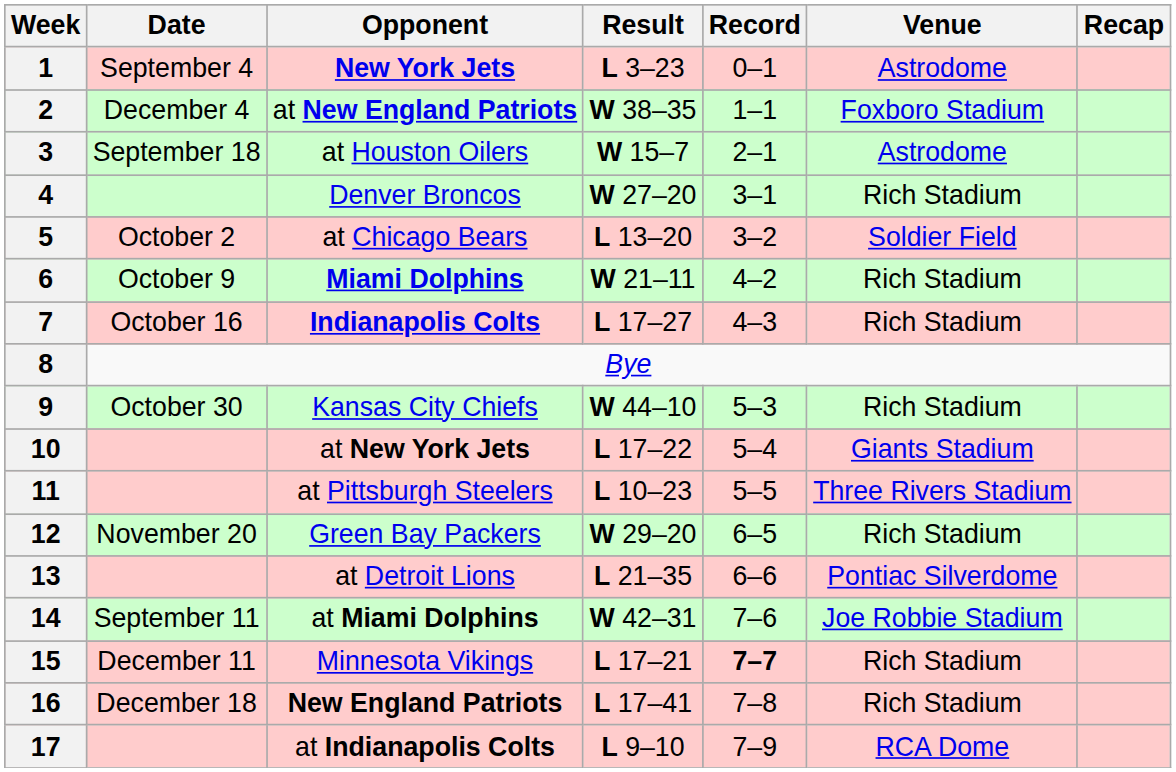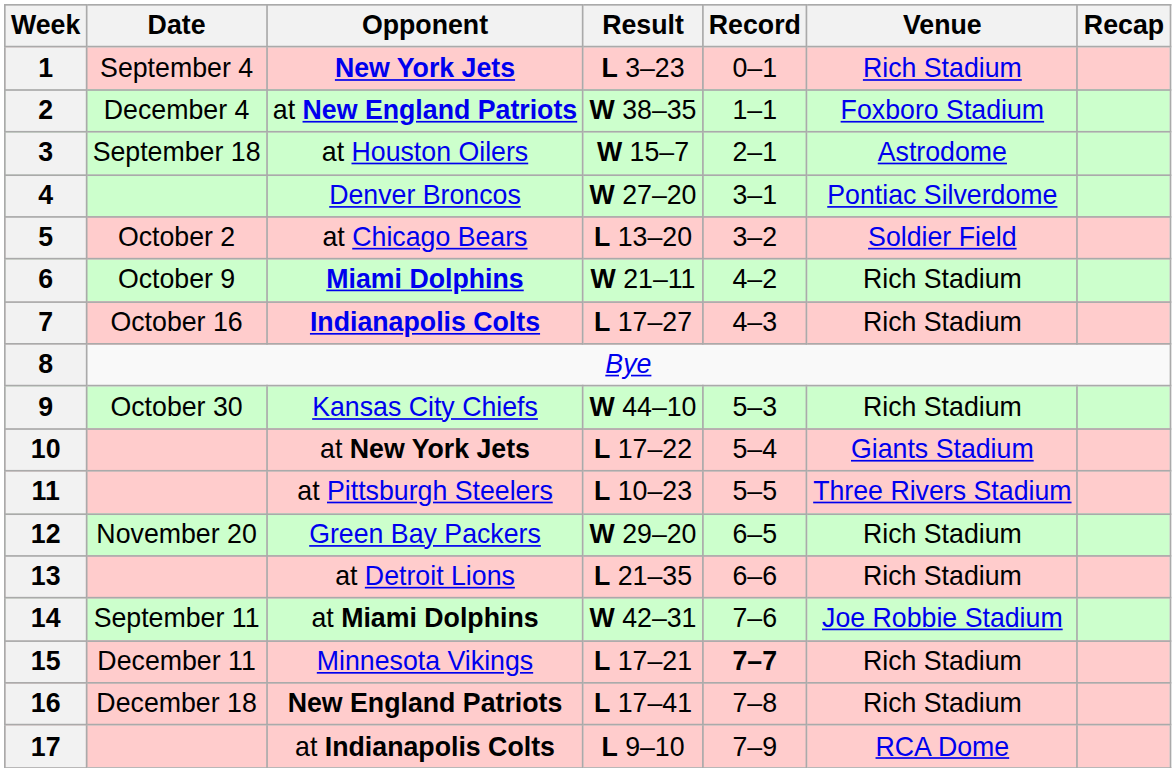 <table class="wikitable" style="text-align:center">
 <tr>
 <th>Week</th>
 <th>Date</th>
 <th>Opponent</th>
 <th>Result</th>
 <th>Record</th>
 <th>Venue</th>
 <th>Recap</th>
 </tr>
 <tr style="background: #fcc;">
 <th>1</th>
 <td>September 4</td>
 <td><strong><a href='#'>New York Jets</a></strong></td>
 <td><strong>L</strong> 3–23</td>
 <td>0–1</td>
-<td><a href='#'>Astrodome</a></td>
+<td><a href='#'>Rich Stadium</a></td>
 <td></td>
 </tr>
 <tr style="background: #cfc;">
 <th>2</th>
 <td>December 4</td>
 <td>at <strong><a href='#'>New England Patriots</a></strong></td>
 <td><strong>W</strong> 38–35</td>
 <td>1–1</td>
 <td><a href='#'>Foxboro Stadium</a></td>
 <td></td>
 </tr>
 <tr style="background: #cfc;">
 <th>3</th>
 <td>September 18</td>
 <td>at <a href='#'>Houston Oilers</a></td>
 <td><strong>W</strong> 15–7</td>
 <td>2–1</td>
 <td><a href='#'>Astrodome</a></td>
 <td></td>
 </tr>
 <tr style="background: #cfc;">
 <th>4</th>
 <td></td>
 <td><a href='#'>Denver Broncos</a></td>
 <td><strong>W</strong> 27–20</td>
 <td>3–1</td>
-<td>Rich Stadium</td>
+<td><a href='#'>Pontiac Silverdome</a></td>
 <td></td>
 </tr>
 <tr style="background: #fcc;">
 <th>5</th>
 <td>October 2</td>
 <td>at <a href='#'>Chicago Bears</a></td>
 <td><strong>L</strong> 13–20</td>
 <td>3–2</td>
 <td><a href='#'>Soldier Field</a></td>
 <td></td>
 </tr>
 <tr style="background: #cfc;">
 <th>6</th>
 <td>October 9</td>
 <td><strong><a href='#'>Miami Dolphins</a></strong></td>
 <td><strong>W</strong> 21–11</td>
 <td>4–2</td>
 <td>Rich Stadium</td>
 <td></td>
 </tr>
 <tr style="background: #fcc;">
 <th>7</th>
 <td>October 16</td>
 <td><strong><a href='#'>Indianapolis Colts</a></strong></td>
 <td><strong>L</strong> 17–27</td>
 <td>4–3</td>
 <td>Rich Stadium</td>
 <td></td>
 </tr>
 <tr>
 <th>8</th>
 <td colspan="6"><em><a href='#'>Bye</a></em></td>
 </tr>
 <tr style="background: #cfc;">
 <th>9</th>
 <td>October 30</td>
 <td><a href='#'>Kansas City Chiefs</a></td>
 <td><strong>W</strong> 44–10</td>
 <td>5–3</td>
 <td>Rich Stadium</td>
 <td></td>
 </tr>
 <tr style="background: #fcc;">
 <th>10</th>
 <td></td>
 <td>at <strong>New York Jets</strong></td>
 <td><strong>L</strong> 17–22</td>
 <td>5–4</td>
 <td><a href='#'>Giants Stadium</a></td>
 <td></td>
 </tr>
 <tr style="background: #fcc;">
 <th>11</th>
 <td></td>
 <td>at <a href='#'>Pittsburgh Steelers</a></td>
 <td><strong>L</strong> 10–23</td>
 <td>5–5</td>
 <td><a href='#'>Three Rivers Stadium</a></td>
 <td></td>
 </tr>
 <tr style="background: #cfc;">
 <th>12</th>
 <td>November 20</td>
 <td><a href='#'>Green Bay Packers</a></td>
 <td><strong>W</strong> 29–20</td>
 <td>6–5</td>
 <td>Rich Stadium</td>
 <td></td>
 </tr>
 <tr style="background: #fcc;">
 <th>13</th>
 <td></td>
 <td>at <a href='#'>Detroit Lions</a></td>
 <td><strong>L</strong> 21–35</td>
 <td>6–6</td>
-<td><a href='#'>Pontiac Silverdome</a></td>
+<td>Rich Stadium</td>
 <td></td>
 </tr>
 <tr style="background: #cfc;">
 <th>14</th>
 <td>September 11</td>
 <td>at <strong>Miami Dolphins</strong></td>
 <td><strong>W</strong> 42–31</td>
 <td>7–6</td>
 <td><a href='#'>Joe Robbie Stadium</a></td>
 <td></td>
 </tr>
 <tr style="background: #fcc;">
 <th>15</th>
 <td>December 11</td>
 <td><a href='#'>Minnesota Vikings</a></td>
 <td><strong>L</strong> 17–21</td>
 <td><strong>7–7</strong></td>
 <td>Rich Stadium</td>
 <td></td>
 </tr>
 <tr style="background: #fcc;">
 <th>16</th>
 <td>December 18</td>
 <td><strong>New England Patriots</strong></td>
 <td><strong>L</strong> 17–41</td>
 <td>7–8</td>
 <td>Rich Stadium</td>
 <td></td>
 </tr>
 <tr style="background: #fcc;">
 <th>17</th>
 <td></td>
 <td>at <strong>Indianapolis Colts</strong></td>
 <td><strong>L</strong> 9–10</td>
 <td>7–9</td>
 <td><a href='#'>RCA Dome</a></td>
 <td></td>
 </tr>
 </table>
